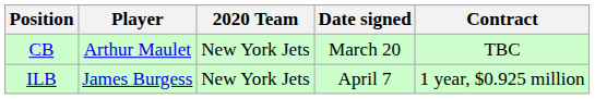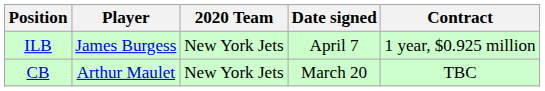 <table class="wikitable" style="text-align:center">
 <tr>
 <th>Position</th>
 <th>Player</th>
 <th>2020 Team</th>
 <th>Date signed</th>
 <th>Contract</th>
 </tr>
 <tr style="background:#cfc;">
+<td><a href='#'>ILB</a></td>
+<td><a href='#'>James Burgess</a></td>
+<td>New York Jets</td>
+<td>April 7</td>
+<td>1 year, $0.925 million</td>
+</tr>
+<tr style="background:#cfc;">
 <td><a href='#'>CB</a></td>
 <td><a href='#'>Arthur Maulet</a></td>
 <td>New York Jets</td>
 <td>March 20</td>
 <td>TBC</td>
 </tr>
-<tr style="background:#cfc;">
-<td><a href='#'>ILB</a></td>
-<td><a href='#'>James Burgess</a></td>
-<td>New York Jets</td>
-<td>April 7</td>
-<td>1 year, $0.925 million</td>
-</tr>
 </table>
